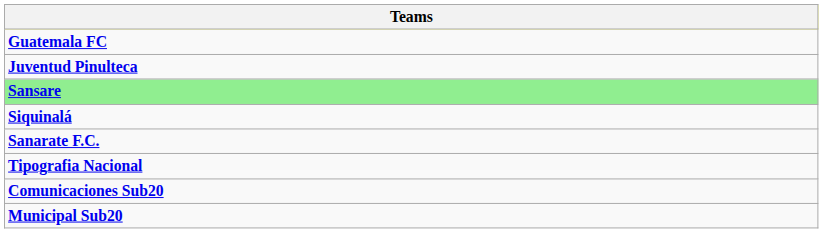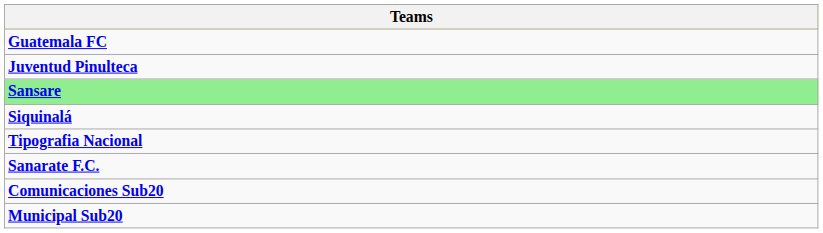 <table class="wikitable">
 <tr bgcolor=yellow align="center">
 <th width= 20%>Teams</th>
 </tr>
 <tr>
 <td><strong><a href='#'>Guatemala FC</a></strong></td>
 </tr>
 <tr>
 <td><strong><a href='#'>Juventud Pinulteca</a></strong></td>
 </tr>
 <tr>
 <td style="background: lightgreen;"><strong><a href='#'>Sansare</a></strong></td>
 </tr>
 <tr>
 <td><strong><a href='#'>Siquinalá</a></strong></td>
 </tr>
 <tr>
-<td><strong><a href='#'>Sanarate F.C.</a></strong></td>
+<td><strong><a href='#'>Tipografia Nacional</a></strong></td>
 </tr>
 <tr>
-<td><strong><a href='#'>Tipografia Nacional</a></strong></td>
+<td><strong><a href='#'>Sanarate F.C.</a></strong></td>
 </tr>
 <tr>
 <td><strong><a href='#'>Comunicaciones Sub20</a></strong></td>
 </tr>
 <tr>
 <td><strong><a href='#'>Municipal Sub20</a></strong></td>
 </tr>
 </table>
